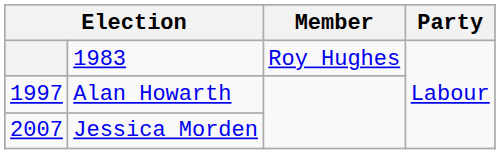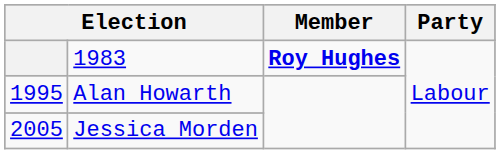 <table class ="wikitable">
 <tr>
 <th colspan="2">Election</th>
 <th>Member</th>
 <th>Party</th>
 </tr>
 <tr>
 <th style="color:inherit;background-color: "></th>
 <td><a href='#'>1983</a></td>
-<td><a href='#'>Roy Hughes</a></td>
+<td><strong><a href='#'>Roy Hughes</a></strong></td>
 <td rowspan="3"><a href='#'>Labour</a></td>
 </tr>
 <tr>
-<td><a href='#'>1997</a></td>
+<td><a href='#'>1995</a></td>
 <td><a href='#'>Alan Howarth</a></td>
 </tr>
 <tr>
-<td><a href='#'>2007</a></td>
+<td><a href='#'>2005</a></td>
 <td><a href='#'>Jessica Morden</a></td>
 </tr>
 </table>
